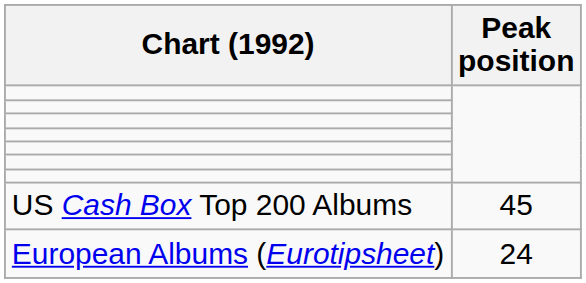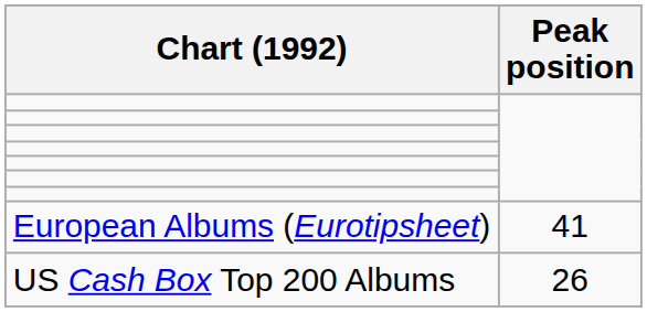 <table class="wikitable sortable">
 <tr>
 <th align="left">Chart (1992)</th>
 <th align="center">Peak<br>position</th>
 </tr>
 <tr>
 <td></td>
 </tr>
 <tr>
 <td></td>
 </tr>
 <tr>
 <td></td>
 </tr>
 <tr>
 <td></td>
 </tr>
 <tr>
 <td></td>
 </tr>
 <tr>
 <td></td>
 </tr>
 <tr>
 <td></td>
 </tr>
 <tr>
-<td>US <em><a href='#'>Cash Box</a></em> Top 200 Albums</td>
-<td align="center">45</td>
+<td><a href='#'>European Albums</a> (<em><a href='#'>Eurotipsheet</a></em>)</td>
+<td align="center">41</td>
 </tr>
 <tr>
-<td><a href='#'>European Albums</a> (<em><a href='#'>Eurotipsheet</a></em>)</td>
-<td style="text-align:center;">24</td>
+<td>US <em><a href='#'>Cash Box</a></em> Top 200 Albums</td>
+<td style="text-align:center;">26</td>
 </tr>
 </table>
